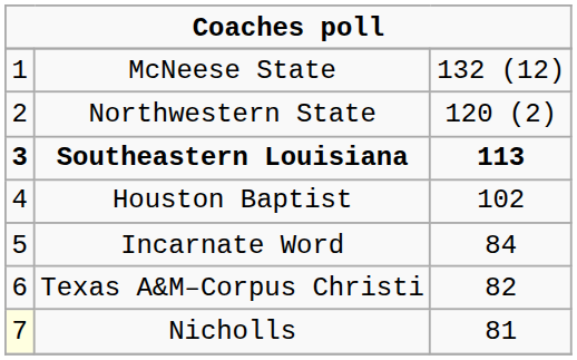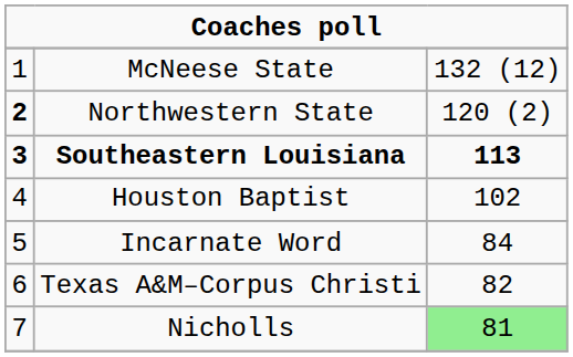 <table class="wikitable">
 <tr align="center">
 <td align="center" Colspan="3"><strong>Coaches poll</strong></td>
 </tr>
 <tr align="center">
 </tr>
 <tr align="center">
 <td>1</td>
 <td>McNeese State</td>
 <td>132 (12)</td>
 </tr>
 <tr align="center">
-<td>2</td>
+<td><strong>2</strong></td>
 <td>Northwestern State</td>
 <td>120 (2)</td>
 </tr>
 <tr align="center">
 <td><strong>3</strong></td>
 <td><strong>Southeastern Louisiana</strong></td>
 <td><strong>113</strong></td>
 </tr>
 <tr align="center">
 <td>4</td>
 <td>Houston Baptist</td>
 <td>102</td>
 </tr>
 <tr align="center">
 <td>5</td>
 <td>Incarnate Word</td>
 <td>84</td>
 </tr>
 <tr align="center">
 <td>6</td>
 <td>Texas A&M–Corpus Christi</td>
 <td>82</td>
 </tr>
 <tr align="center">
-<td style="background: lightyellow;">7</td>
+<td>7</td>
 <td>Nicholls</td>
-<td>81</td>
+<td style="background: lightgreen;">81</td>
 </tr>
 <tr align="center">
 </tr>
 </table>
